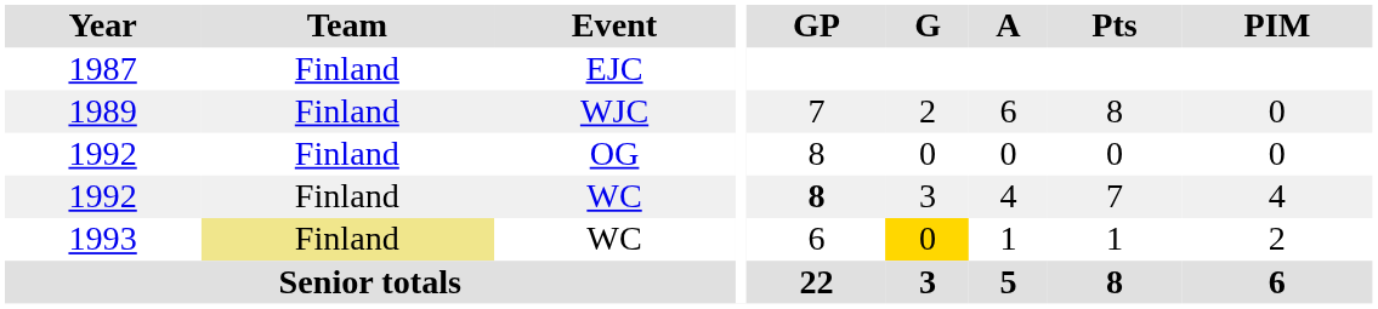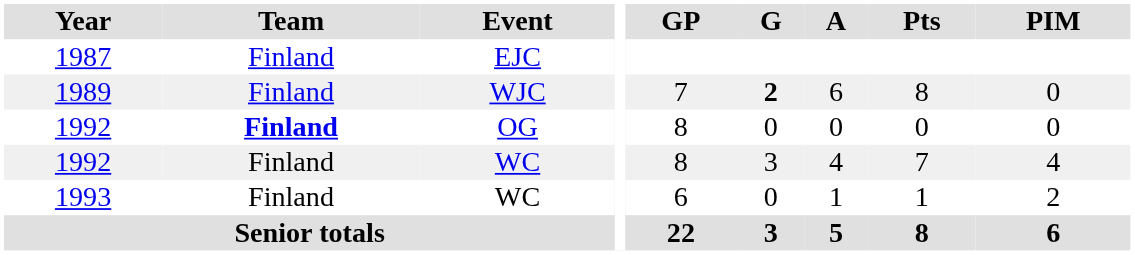 <table border="0" cellpadding="1" cellspacing="0" ID="Table3" style="text-align:center; width:40em">
 <tr ALIGN="center" bgcolor="#e0e0e0">
 <th>Year</th>
 <th>Team</th>
 <th>Event</th>
 <th rowspan="99" bgcolor="#ffffff"></th>
 <th>GP</th>
 <th>G</th>
 <th>A</th>
 <th>Pts</th>
 <th>PIM</th>
 </tr>
 <tr>
 <td><a href='#'>1987</a></td>
 <td><a href='#'>Finland</a></td>
 <td><a href='#'>EJC</a></td>
 <td></td>
 <td></td>
 <td></td>
 <td></td>
 <td></td>
 </tr>
 <tr bgcolor="#f0f0f0">
 <td><a href='#'>1989</a></td>
 <td><a href='#'>Finland</a></td>
 <td><a href='#'>WJC</a></td>
 <td>7</td>
-<td>2</td>
+<td><strong>2</strong></td>
 <td>6</td>
 <td>8</td>
 <td>0</td>
 </tr>
 <tr>
 <td><a href='#'>1992</a></td>
-<td><a href='#'>Finland</a></td>
+<td><strong><a href='#'>Finland</a></strong></td>
 <td><a href='#'>OG</a></td>
 <td>8</td>
 <td>0</td>
 <td>0</td>
 <td>0</td>
 <td>0</td>
 </tr>
 <tr bgcolor="#f0f0f0">
 <td><a href='#'>1992</a></td>
 <td>Finland</td>
 <td><a href='#'>WC</a></td>
-<td><strong>8</strong></td>
+<td>8</td>
 <td>3</td>
 <td>4</td>
 <td>7</td>
 <td>4</td>
 </tr>
 <tr>
 <td><a href='#'>1993</a></td>
-<td style="background: khaki;">Finland</td>
+<td>Finland</td>
 <td>WC</td>
 <td>6</td>
-<td style="background: gold;">0</td>
+<td>0</td>
 <td>1</td>
 <td>1</td>
 <td>2</td>
 </tr>
 <tr bgcolor="#e0e0e0">
 <th colspan="3">Senior totals</th>
 <th>22</th>
 <th>3</th>
 <th>5</th>
 <th>8</th>
 <th>6</th>
 </tr>
 </table>
